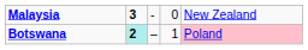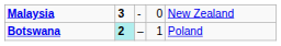 <table class="wikitable">
 <tr>
 <td width=150> <strong><a href='#'>Malaysia</a></strong></td>
 <td style="width:20px; text-align:left;"><strong>3</strong></td>
 <td>-</td>
 <td style="width:20px; text-align:right;">0</td>
 <td width=150> <a href='#'>New Zealand</a></td>
 </tr>
 <tr>
 <td> <strong><a href='#'>Botswana</a></strong></td>
 <td style="background: paleturquoise; text-align:left;"><strong>2</strong></td>
 <td>–</td>
 <td style="text-align:right;">1</td>
-<td style="background: pink;"> <a href='#'>Poland</a></td>
+<td> <a href='#'>Poland</a></td>
 </tr>
 </table>
